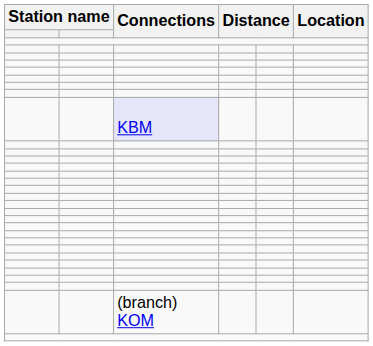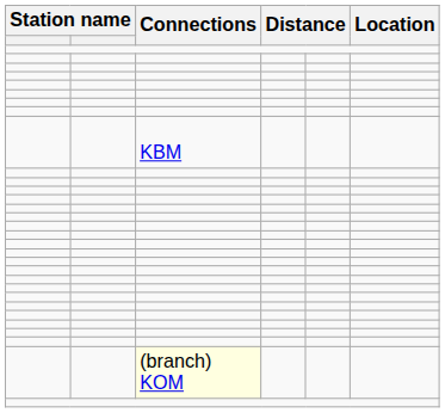 <table class="wikitable">
 <tr>
 <th colspan="2">Station name</th>
 <th rowspan="2">Connections</th>
 <th colspan="2" rowspan="2">Distance<br></th>
 <th rowspan="2">Location</th>
 </tr>
 <tr>
 <th></th>
 <th></th>
 </tr>
 <tr style="background:#">
 <td colspan = "8"></td>
 </tr>
 <tr>
 <td></td>
 <td></td>
 <td></td>
 <td></td>
 <td></td>
 <td></td>
 </tr>
 <tr>
 <td></td>
 <td></td>
 <td></td>
 <td></td>
 <td></td>
 <td></td>
 </tr>
 <tr>
 <td></td>
 <td></td>
 <td></td>
 <td></td>
 <td></td>
 <td></td>
 </tr>
 <tr>
 <td></td>
 <td></td>
 <td></td>
 <td></td>
 <td></td>
 <td></td>
 </tr>
 <tr>
 <td></td>
 <td></td>
 <td></td>
 <td></td>
 <td></td>
 <td></td>
 </tr>
 <tr>
 <td></td>
 <td></td>
 <td></td>
 <td></td>
 <td></td>
 <td></td>
 </tr>
 <tr>
 <td></td>
 <td></td>
 <td></td>
 <td></td>
 <td></td>
 <td></td>
 </tr>
 <tr>
 <td></td>
 <td></td>
-<td style="background: lavender;"> <br> <a href='#'>KBM</a></td>
+<td> <br> <a href='#'>KBM</a></td>
 <td></td>
 <td></td>
 <td></td>
 </tr>
 <tr>
 <td></td>
 <td></td>
 <td></td>
 <td></td>
 <td></td>
 <td></td>
 </tr>
 <tr>
 <td></td>
 <td></td>
 <td></td>
 <td></td>
 <td></td>
 <td></td>
 </tr>
 <tr>
 <td></td>
 <td></td>
 <td></td>
 <td></td>
 <td></td>
 <td></td>
 </tr>
 <tr>
 <td></td>
 <td></td>
 <td></td>
 <td></td>
 <td></td>
 <td></td>
 </tr>
 <tr>
 <td></td>
 <td></td>
 <td></td>
 <td></td>
 <td></td>
 <td></td>
 </tr>
 <tr>
 <td></td>
 <td></td>
 <td></td>
 <td></td>
 <td></td>
 <td></td>
 </tr>
 <tr>
 <td></td>
 <td></td>
 <td></td>
 <td></td>
 <td></td>
 <td></td>
 </tr>
 <tr>
 <td></td>
 <td></td>
 <td></td>
 <td></td>
 <td></td>
 <td></td>
 </tr>
 <tr>
 <td></td>
 <td></td>
 <td></td>
 <td></td>
 <td></td>
 <td></td>
 </tr>
 <tr>
 <td></td>
 <td></td>
 <td></td>
 <td></td>
 <td></td>
 <td></td>
 </tr>
 <tr>
 <td></td>
 <td></td>
 <td></td>
 <td></td>
 <td></td>
 <td></td>
 </tr>
 <tr>
 <td></td>
 <td></td>
 <td></td>
 <td></td>
 <td></td>
 <td></td>
 </tr>
 <tr>
 <td></td>
 <td></td>
 <td></td>
 <td></td>
 <td></td>
 <td></td>
 </tr>
 <tr>
 <td></td>
 <td></td>
 <td></td>
 <td></td>
 <td></td>
 <td></td>
 </tr>
 <tr>
 <td></td>
 <td></td>
 <td></td>
 <td></td>
 <td></td>
 <td></td>
 </tr>
 <tr>
 <td></td>
 <td></td>
 <td></td>
 <td></td>
 <td></td>
 <td></td>
 </tr>
 <tr>
 <td></td>
 <td></td>
 <td></td>
 <td></td>
 <td></td>
 <td></td>
 </tr>
 <tr>
 <td></td>
 <td></td>
 <td></td>
 <td></td>
 <td></td>
 <td></td>
 </tr>
 <tr>
 <td></td>
 <td></td>
 <td></td>
 <td></td>
 <td></td>
 <td></td>
 </tr>
 <tr>
 <td></td>
 <td></td>
 <td></td>
 <td></td>
 <td></td>
 <td></td>
 </tr>
 <tr>
 <td></td>
 <td></td>
-<td> (branch)<br> <a href='#'>KOM</a></td>
+<td style="background: lightyellow;"> (branch)<br> <a href='#'>KOM</a></td>
 <td></td>
 <td></td>
 <td></td>
 </tr>
 <tr style="background:#">
 <td colspan="8"></td>
 </tr>
 </table>
